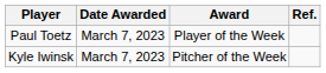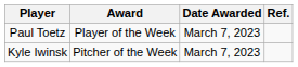 <table class="wikitable sortable sortable" style="text-align: center">
 <tr align=center>
 <th>Player</th>
+<th>Award</th>
 <th>Date Awarded</th>
-<th>Award</th>
 <th>Ref.</th>
 </tr>
 <tr>
 <td>Paul Toetz</td>
+<td rowspan="1">Player of the Week</td>
 <td rowspan="1">March 7, 2023</td>
-<td rowspan="1">Player of the Week</td>
 <td rowspan="1"></td>
 </tr>
 <tr>
 <td>Kyle Iwinsk</td>
+<td rowspan="1">Pitcher of the Week</td>
 <td rowspan="1">March 7, 2023</td>
-<td rowspan="1">Pitcher of the Week</td>
 <td rowspan="1"></td>
 </tr>
 </table>
